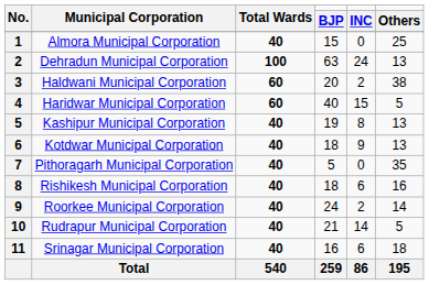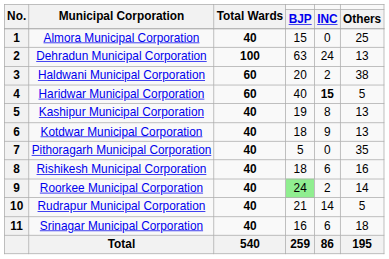 <table class="wikitable sortable" style="text-align:center;">
 <tr>
 <th rowspan="2">No.</th>
 <th rowspan="2">Municipal Corporation</th>
 <th rowspan="2">Total Wards</th>
 <td style="background:"></td>
 <td style="background:"></td>
 <td style="color:inherit;background:"></td>
 </tr>
 <tr>
 <th><a href='#'>BJP</a></th>
 <th><a href='#'>INC</a></th>
 <th>Others</th>
 </tr>
 <tr>
 </tr>
 <tr>
 <th>1</th>
 <td><a href='#'>Almora Municipal Corporation</a></td>
 <td><strong>40</strong></td>
 <td>15</td>
 <td>0</td>
 <td>25</td>
 </tr>
 <tr>
 <th>2</th>
 <td><a href='#'>Dehradun Municipal Corporation</a></td>
 <td><strong>100</strong></td>
 <td>63</td>
 <td>24</td>
 <td>13</td>
 </tr>
 <tr>
 <th>3</th>
 <td><a href='#'>Haldwani Municipal Corporation</a></td>
 <td><strong>60</strong></td>
 <td>20</td>
 <td>2</td>
 <td>38</td>
 </tr>
 <tr>
 <th>4</th>
 <td><a href='#'>Haridwar Municipal Corporation</a></td>
 <td><strong>60</strong></td>
 <td>40</td>
-<td>15</td>
+<td><strong>15</strong></td>
 <td>5</td>
 </tr>
 <tr>
 <th>5</th>
 <td><a href='#'>Kashipur Municipal Corporation</a></td>
 <td><strong>40</strong></td>
 <td>19</td>
 <td>8</td>
 <td>13</td>
 </tr>
 <tr>
 <th>6</th>
 <td><a href='#'>Kotdwar Municipal Corporation</a></td>
 <td><strong>40</strong></td>
 <td>18</td>
 <td>9</td>
 <td>13</td>
 </tr>
 <tr>
 <th>7</th>
 <td><a href='#'>Pithoragarh Municipal Corporation</a></td>
 <td><strong>40</strong></td>
 <td>5</td>
 <td>0</td>
 <td>35</td>
 </tr>
 <tr>
 <th>8</th>
 <td><a href='#'>Rishikesh Municipal Corporation</a></td>
 <td><strong>40</strong></td>
 <td>18</td>
 <td>6</td>
 <td>16</td>
 </tr>
 <tr>
 <th>9</th>
 <td><a href='#'>Roorkee Municipal Corporation</a></td>
 <td><strong>40</strong></td>
-<td>24</td>
+<td style="background: lightgreen;">24</td>
 <td>2</td>
 <td>14</td>
 </tr>
 <tr>
 <th>10</th>
 <td><a href='#'>Rudrapur Municipal Corporation</a></td>
 <td><strong>40</strong></td>
 <td>21</td>
 <td>14</td>
 <td>5</td>
 </tr>
 <tr>
 <th>11</th>
 <td><a href='#'>Srinagar Municipal Corporation</a></td>
 <td><strong>40</strong></td>
 <td>16</td>
 <td>6</td>
 <td>18</td>
 </tr>
 <tr>
 <th align="Centre"></th>
 <th align="Centre">Total</th>
 <th align="Centre">540</th>
 <th align="Centre">259</th>
 <th align="Centre">86</th>
 <th align="Centre">195</th>
 </tr>
 </table>
